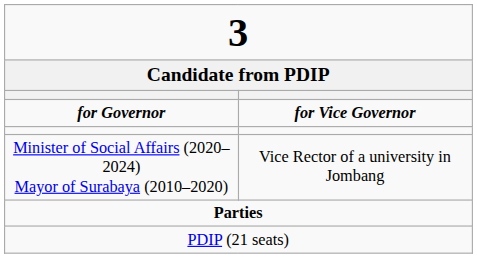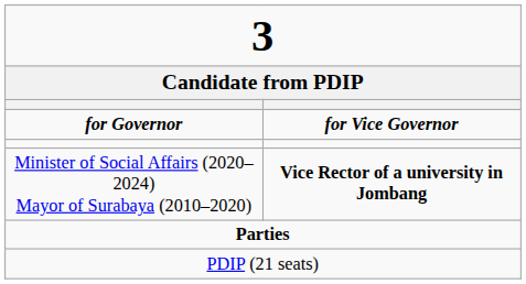 <table class="wikitable" style="font-size:90%; text-align:center;">
 <tr>
 <td colspan=2><big><big><big><big><big><strong>3</strong></big></big></big></big></big></td>
 </tr>
 <tr>
 <td colspan=2 style="background:#f1f1f1;"><strong><big>Candidate from PDIP</big></strong></td>
 </tr>
 <tr>
 <th style="width:3em; font-size:135%; background:#"><a href='#'></a></th>
 <th style="font-size:135%; color:black; background:"><a href='#'></a></th>
 </tr>
 <tr style="color:#000; font-size:100%; background:#">
 <td style="width:3em; width:200px;"><strong><em>for Governor</em></strong></td>
 <td style="width:3em; width:200px;"><strong><em>for Vice Governor</em></strong></td>
 </tr>
 <tr>
 <td></td>
 <td></td>
 </tr>
 <tr>
 <td><a href='#'>Minister of Social Affairs</a> (2020–2024)<br><a href='#'>Mayor of Surabaya</a> (2010–2020)</td>
-<td>Vice Rector of a university in Jombang</td>
+<td><strong>Vice Rector of a university in Jombang</strong></td>
 </tr>
 <tr>
 <td colspan=2 style="background:#"><strong>Parties</strong></td>
 </tr>
 <tr>
 <td colspan=2 style="align:center"> <a href='#'>PDIP</a> (21 seats)</td>
 </tr>
 </table>
